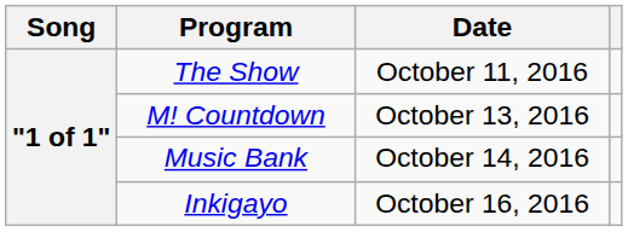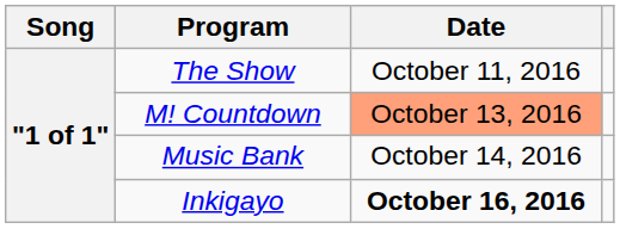 <table class="wikitable sortable plainrowheaders" style="text-align:center;">
 <tr>
 <th scope="col">Song</th>
 <th scope="col" style="width:130px;">Program</th>
 <th scope="col" style="width:140px;">Date</th>
 <th scope="col" class="unsortable"></th>
 </tr>
 <tr>
 <th scope="row" rowspan="4">"1 of 1"</th>
 <td><em><a href='#'>The Show</a></em></td>
 <td>October 11, 2016</td>
 <td></td>
 </tr>
 <tr>
 <td><em><a href='#'>M! Countdown</a></em></td>
-<td>October 13, 2016</td>
+<td style="background: lightsalmon;">October 13, 2016</td>
 <td></td>
 </tr>
 <tr>
 <td><em><a href='#'>Music Bank</a></em></td>
 <td>October 14, 2016</td>
 <td></td>
 </tr>
 <tr>
 <td><em><a href='#'>Inkigayo</a></em></td>
-<td>October 16, 2016</td>
+<td><strong>October 16, 2016</strong></td>
 <td></td>
 </tr>
 </table>
